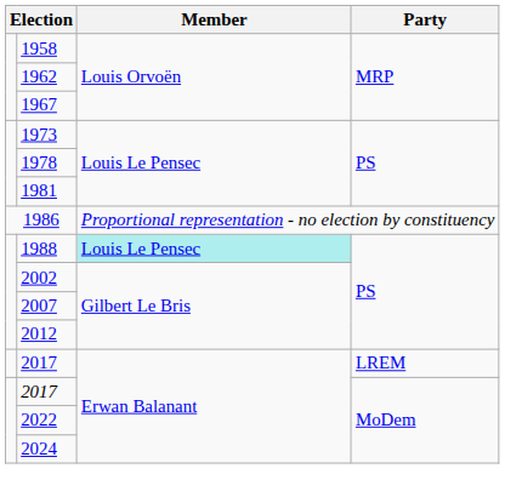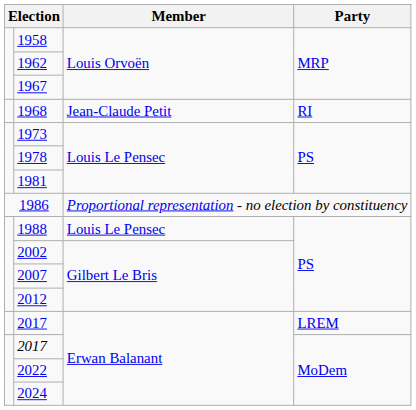 <table class="wikitable">
 <tr>
 <th colspan="2">Election</th>
 <th>Member</th>
 <th>Party</th>
 </tr>
 <tr>
 <td rowspan="3" style="color:inherit;background-color: "></td>
 <td><a href='#'>1958</a></td>
 <td rowspan="3"><a href='#'>Louis Orvoën</a></td>
 <td rowspan="3"><a href='#'>MRP</a></td>
 </tr>
 <tr>
 <td><a href='#'>1962</a></td>
 </tr>
 <tr>
 <td><a href='#'>1967</a></td>
+</tr>
+<tr>
+<td style="color:inherit;background-color: "></td>
+<td><a href='#'>1968</a></td>
+<td><a href='#'>Jean-Claude Petit</a></td>
+<td><a href='#'>RI</a></td>
 </tr>
 <tr>
 <td rowspan="3" style="color:inherit;background-color: "></td>
 <td><a href='#'>1973</a></td>
 <td rowspan="3"><a href='#'>Louis Le Pensec</a></td>
 <td rowspan="3"><a href='#'>PS</a></td>
 </tr>
 <tr>
 <td><a href='#'>1978</a></td>
 </tr>
 <tr>
 <td><a href='#'>1981</a></td>
 </tr>
 <tr>
 <td colspan="2" align="center"><a href='#'>1986</a></td>
 <td colspan="2"><em><a href='#'>Proportional representation</a> - no election by constituency</em></td>
 </tr>
 <tr>
 <td rowspan="4" style="color:inherit;background-color: "></td>
 <td><a href='#'>1988</a></td>
-<td style="background: paleturquoise;"><a href='#'>Louis Le Pensec</a></td>
+<td><a href='#'>Louis Le Pensec</a></td>
 <td rowspan="4"><a href='#'>PS</a></td>
 </tr>
 <tr>
 <td><a href='#'>2002</a></td>
 <td rowspan="3"><a href='#'>Gilbert Le Bris</a></td>
 </tr>
 <tr>
 <td><a href='#'>2007</a></td>
 </tr>
 <tr>
 <td><a href='#'>2012</a></td>
 </tr>
 <tr>
 <td style="color:inherit;background-color: "></td>
 <td><a href='#'>2017</a></td>
 <td rowspan="4"><a href='#'>Erwan Balanant</a></td>
 <td><a href='#'>LREM</a></td>
 </tr>
 <tr>
 <td rowspan="3" style="color:inherit;background-color: "></td>
 <td><em>2017</em></td>
 <td rowspan="3"><a href='#'>MoDem</a></td>
 </tr>
 <tr>
 <td><a href='#'>2022</a></td>
 </tr>
 <tr>
 <td><a href='#'>2024</a></td>
 </tr>
 </table>
